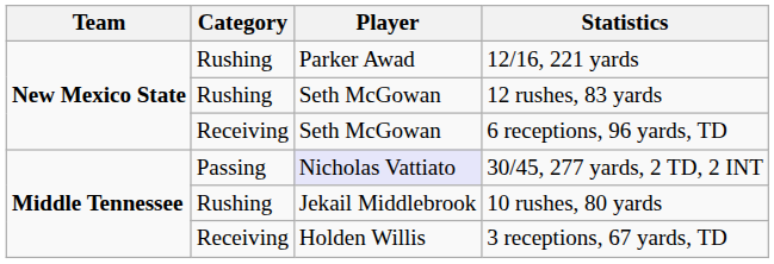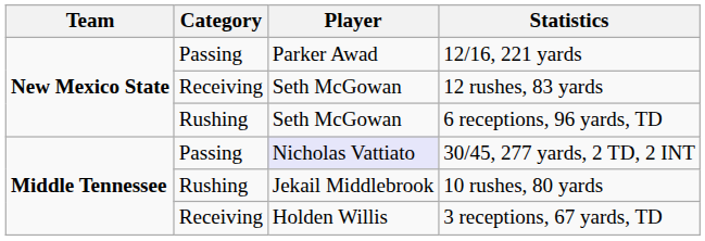 <table class="wikitable" style="float: right;">
 <tr>
 <th>Team</th>
 <th>Category</th>
 <th>Player</th>
 <th>Statistics</th>
 </tr>
 <tr>
 <td rowspan=3><strong>New Mexico State</strong></td>
-<td>Rushing</td>
+<td>Passing</td>
 <td>Parker Awad</td>
 <td>12/16, 221 yards</td>
 </tr>
 <tr>
-<td>Rushing</td>
+<td>Receiving</td>
 <td>Seth McGowan</td>
 <td>12 rushes, 83 yards</td>
 </tr>
 <tr>
-<td>Receiving</td>
+<td>Rushing</td>
 <td>Seth McGowan</td>
 <td>6 receptions, 96 yards, TD</td>
 </tr>
 <tr>
 <td rowspan=3><strong>Middle Tennessee</strong></td>
 <td>Passing</td>
 <td style="background: lavender;">Nicholas Vattiato</td>
 <td>30/45, 277 yards, 2 TD, 2 INT</td>
 </tr>
 <tr>
 <td>Rushing</td>
 <td>Jekail Middlebrook</td>
 <td>10 rushes, 80 yards</td>
 </tr>
 <tr>
 <td>Receiving</td>
 <td>Holden Willis</td>
 <td>3 receptions, 67 yards, TD</td>
 </tr>
 </table>
